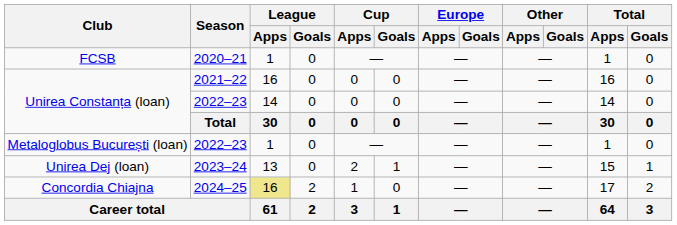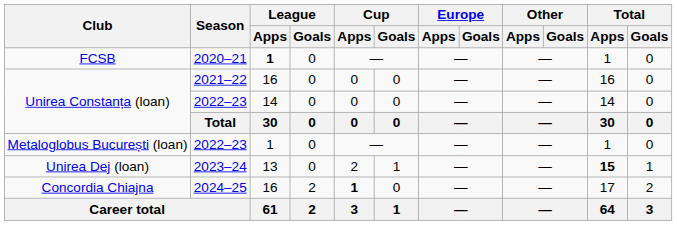 <table class="wikitable" style="text-align: center">
 <tr>
 <th rowspan="2">Club</th>
 <th rowspan="2">Season</th>
 <th colspan="2">League</th>
 <th colspan="2">Cup</th>
 <th colspan="2"><a href='#'>Europe</a></th>
 <th colspan="2">Other</th>
 <th colspan="3">Total</th>
 </tr>
 <tr>
 <th>Apps</th>
 <th>Goals</th>
 <th>Apps</th>
 <th>Goals</th>
 <th>Apps</th>
 <th>Goals</th>
 <th>Apps</th>
 <th>Goals</th>
 <th>Apps</th>
 <th>Goals</th>
 </tr>
 <tr>
 <td><a href='#'>FCSB</a></td>
 <td><a href='#'>2020–21</a></td>
-<td>1</td>
+<td><strong>1</strong></td>
 <td>0</td>
 <td colspan="2">—</td>
 <td colspan="2">—</td>
 <td colspan="2">—</td>
 <td>1</td>
 <td>0</td>
 </tr>
 <tr>
 <td rowspan="3"><a href='#'>Unirea Constanța</a> (loan)</td>
 <td><a href='#'>2021–22</a></td>
 <td>16</td>
 <td>0</td>
 <td>0</td>
 <td>0</td>
 <td colspan="2">—</td>
 <td colspan="2">—</td>
 <td>16</td>
 <td>0</td>
 </tr>
 <tr>
 <td><a href='#'>2022–23</a></td>
 <td>14</td>
 <td>0</td>
 <td>0</td>
 <td>0</td>
 <td colspan="2">—</td>
 <td colspan="2">—</td>
 <td>14</td>
 <td>0</td>
 </tr>
 <tr>
 <th>Total</th>
 <th>30</th>
 <th>0</th>
 <th>0</th>
 <th>0</th>
 <th colspan="2">—</th>
 <th colspan="2">—</th>
 <th>30</th>
 <th>0</th>
 </tr>
 <tr>
 <td><a href='#'>Metaloglobus București</a> (loan)</td>
 <td><a href='#'>2022–23</a></td>
 <td>1</td>
 <td>0</td>
 <td colspan="2">—</td>
 <td colspan="2">—</td>
 <td colspan="2">—</td>
 <td>1</td>
 <td>0</td>
 </tr>
 <tr>
 <td><a href='#'>Unirea Dej</a> (loan)</td>
 <td><a href='#'>2023–24</a></td>
 <td>13</td>
 <td>0</td>
 <td>2</td>
 <td>1</td>
 <td colspan="2">—</td>
 <td colspan="2">—</td>
-<td>15</td>
+<td><strong>15</strong></td>
 <td>1</td>
 </tr>
 <tr>
 <td><a href='#'>Concordia Chiajna</a></td>
 <td><a href='#'>2024–25</a></td>
-<td style="background: khaki;">16</td>
+<td>16</td>
 <td>2</td>
-<td>1</td>
+<td><strong>1</strong></td>
 <td>0</td>
 <td colspan="2">—</td>
 <td colspan="2">—</td>
 <td>17</td>
 <td>2</td>
 </tr>
 <tr>
 <th colspan="2">Career total</th>
 <th>61</th>
 <th>2</th>
 <th>3</th>
 <th>1</th>
 <th colspan="2">—</th>
 <th colspan="2">—</th>
 <th>64</th>
 <th>3</th>
 </tr>
 </table>
